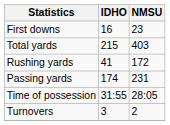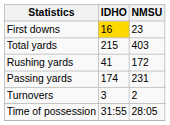 <table class="wikitable" style="float: left;">
 <tr>
 <th>Statistics</th>
 <th>IDHO</th>
 <th>NMSU</th>
 </tr>
 <tr>
 <td>First downs</td>
-<td>16</td>
+<td style="background: gold;">16</td>
 <td>23</td>
 </tr>
 <tr>
 <td>Total yards</td>
 <td>215</td>
 <td>403</td>
 </tr>
 <tr>
 <td>Rushing yards</td>
 <td>41</td>
 <td>172</td>
 </tr>
 <tr>
 <td>Passing yards</td>
 <td>174</td>
 <td>231</td>
 </tr>
 <tr>
+<td>Turnovers</td>
+<td>3</td>
+<td>2</td>
+</tr>
+<tr>
 <td>Time of possession</td>
 <td>31:55</td>
 <td>28:05</td>
 </tr>
 <tr>
-<td>Turnovers</td>
-<td>3</td>
-<td>2</td>
-</tr>
-<tr>
 </tr>
 </table>
